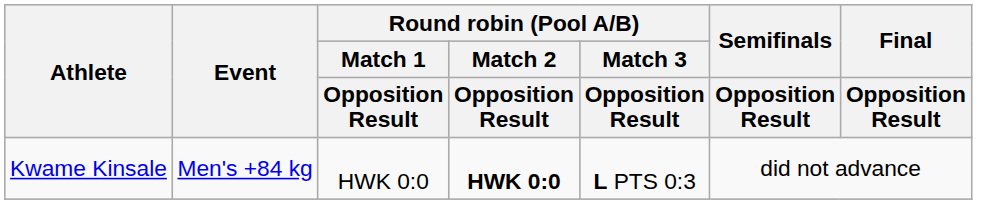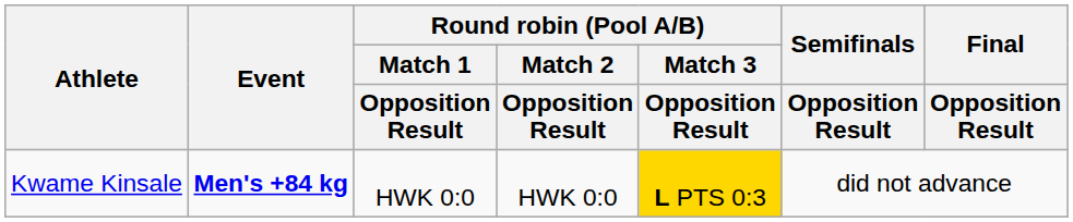 <table class="wikitable" border="1" style="font-size:90%">
 <tr>
 <th rowspan=3>Athlete</th>
 <th rowspan=3>Event</th>
 <th colspan=3>Round robin (Pool A/B)</th>
 <th rowspan=2>Semifinals</th>
 <th rowspan=2>Final</th>
 </tr>
 <tr>
 <th>Match 1</th>
 <th>Match 2</th>
 <th>Match 3</th>
 </tr>
 <tr>
 <th>Opposition<br>Result</th>
 <th>Opposition<br>Result</th>
 <th>Opposition<br>Result</th>
 <th>Opposition<br>Result</th>
 <th>Opposition<br>Result</th>
 </tr>
 <tr>
 <td><a href='#'>Kwame Kinsale</a></td>
-<td><a href='#'>Men's +84 kg</a></td>
+<td><strong><a href='#'>Men's +84 kg</a></strong></td>
 <td align=center><br>HWK 0:0</td>
-<td align=center><strong><br>HWK 0:0</strong></td>
-<td align=center><br><strong>L</strong> PTS 0:3</td>
+<td align=center><br>HWK 0:0</td>
+<td align=center style="background: gold;"><br><strong>L</strong> PTS 0:3</td>
 <td align="center" colspan="7">did not advance</td>
 </tr>
 </table>
